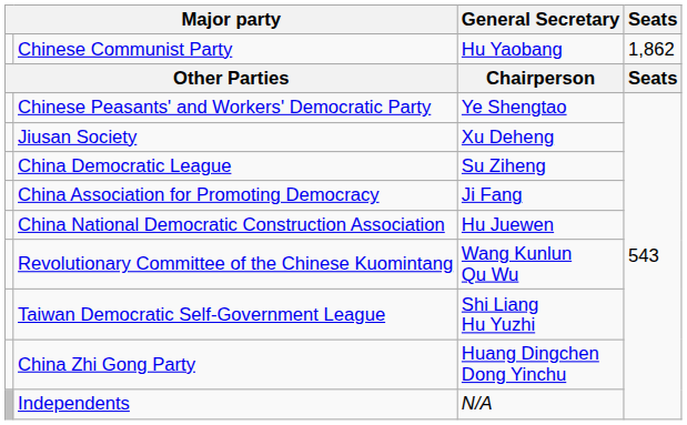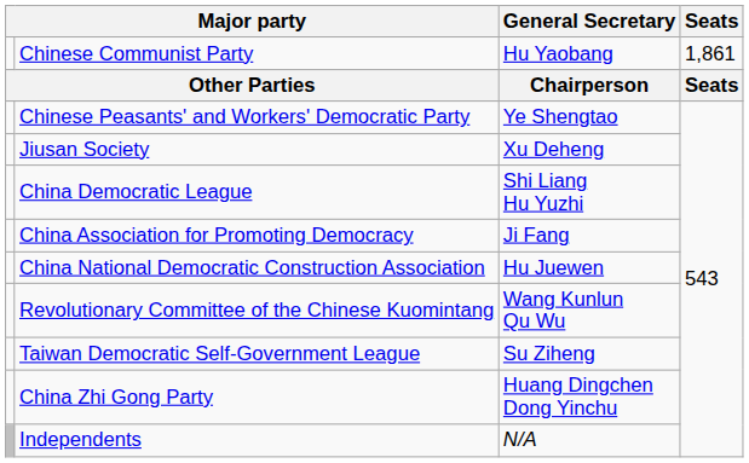 <table class="wikitable">
 <tr>
 <th colspan="2">Major party</th>
 <th>General Secretary</th>
 <th>Seats</th>
 </tr>
 <tr>
 <td style="background: "></td>
 <td><a href='#'>Chinese Communist Party</a></td>
 <td><a href='#'>Hu Yaobang</a></td>
-<td>1,862</td>
+<td>1,861</td>
 </tr>
 <tr>
 <th colspan="2">Other Parties</th>
 <th>Chairperson</th>
 <th>Seats</th>
 </tr>
 <tr>
 <td style="background: "></td>
 <td><a href='#'>Chinese Peasants' and Workers' Democratic Party</a></td>
 <td><a href='#'>Ye Shengtao</a></td>
 <td rowspan="9">543</td>
 </tr>
 <tr>
 <td style="background: "></td>
 <td><a href='#'>Jiusan Society</a></td>
 <td><a href='#'>Xu Deheng</a></td>
 </tr>
 <tr>
 <td style="background: "></td>
 <td><a href='#'>China Democratic League</a></td>
-<td><a href='#'>Su Ziheng</a></td>
+<td><a href='#'>Shi Liang</a><br><a href='#'>Hu Yuzhi</a></td>
 </tr>
 <tr>
 <td style="background: "></td>
 <td><a href='#'>China Association for Promoting Democracy</a></td>
 <td><a href='#'>Ji Fang</a></td>
 </tr>
 <tr>
 <td style="background: "></td>
 <td><a href='#'>China National Democratic Construction Association</a></td>
 <td><a href='#'>Hu Juewen</a></td>
 </tr>
 <tr>
 <td style="background: "></td>
 <td><a href='#'>Revolutionary Committee of the Chinese Kuomintang</a></td>
 <td><a href='#'>Wang Kunlun</a><br><a href='#'>Qu Wu</a></td>
 </tr>
 <tr>
 <td style="background: "></td>
 <td><a href='#'>Taiwan Democratic Self-Government League</a></td>
-<td><a href='#'>Shi Liang</a><br><a href='#'>Hu Yuzhi</a></td>
+<td><a href='#'>Su Ziheng</a></td>
 </tr>
 <tr>
 <td style="background: "></td>
 <td><a href='#'>China Zhi Gong Party</a></td>
 <td><a href='#'>Huang Dingchen</a><br><a href='#'>Dong Yinchu</a></td>
 </tr>
 <tr>
 <td style="background: #C0C0C0"></td>
 <td><a href='#'>Independents</a></td>
 <td><em>N/A</em></td>
 </tr>
 </table>
